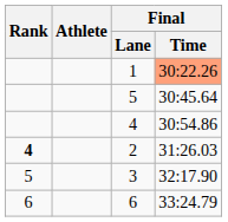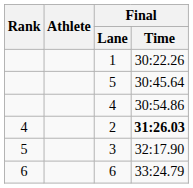 <table class="wikitable sortable"  style="text-align:center">
 <tr>
 <th rowspan="2" data-sort-type=number>Rank</th>
 <th rowspan="2">Athlete</th>
 <th colspan="2">Final</th>
 </tr>
 <tr>
 <th>Lane</th>
 <th>Time</th>
 </tr>
 <tr>
 <td></td>
 <td align="left"></td>
 <td>1</td>
-<td style="background: lightsalmon;">30:22.26</td>
+<td>30:22.26</td>
 </tr>
 <tr>
 <td></td>
 <td align="left"></td>
 <td>5</td>
 <td>30:45.64</td>
 </tr>
 <tr>
 <td></td>
 <td align="left"></td>
 <td>4</td>
 <td>30:54.86</td>
 </tr>
 <tr>
-<td><strong>4</strong></td>
+<td>4</td>
 <td align="left"></td>
 <td>2</td>
-<td>31:26.03</td>
+<td><strong>31:26.03</strong></td>
 </tr>
 <tr>
 <td>5</td>
 <td align="left"></td>
 <td>3</td>
 <td>32:17.90</td>
 </tr>
 <tr>
 <td>6</td>
 <td align="left"></td>
 <td>6</td>
 <td>33:24.79</td>
 </tr>
 </table>
